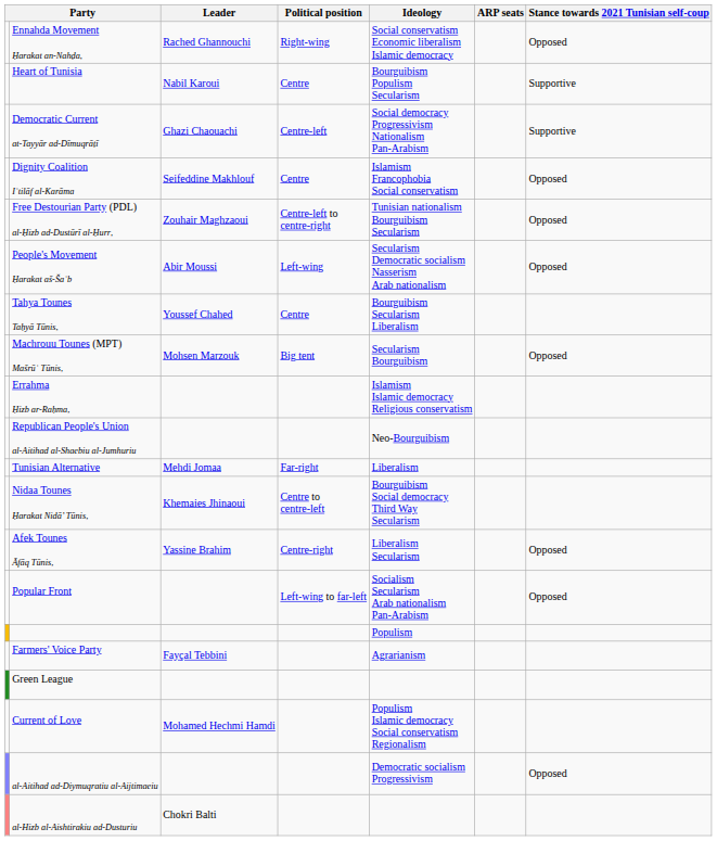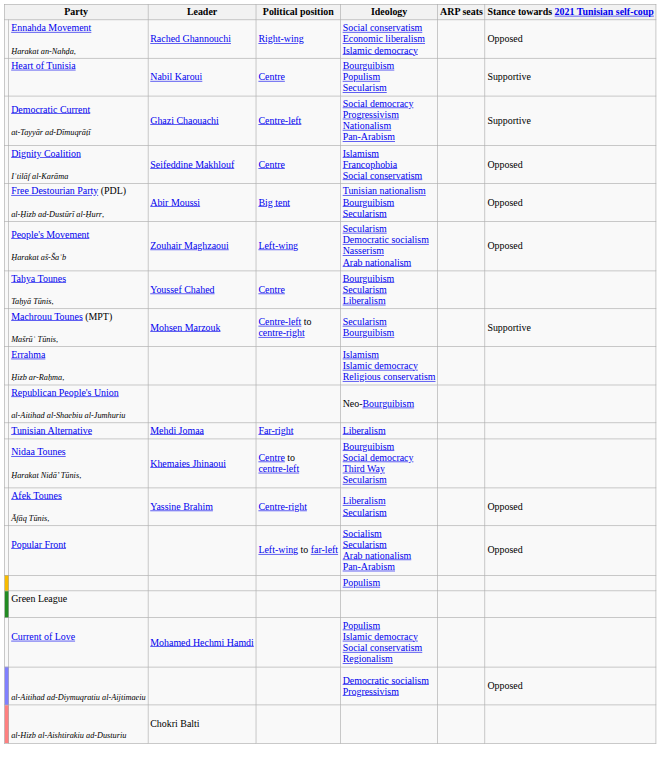 <table class="wikitable">
 <tr>
 <th colspan="2">Party</th>
 <th>Leader</th>
 <th>Political position</th>
 <th>Ideology</th>
 <th>ARP seats</th>
 <th>Stance towards <a href='#'>2021 Tunisian self-coup</a></th>
 </tr>
 <tr>
 <td bgcolor=></td>
 <td><a href='#'>Ennahda Movement</a><small><br><br><em>Ḥarakat an-Nahḍa</em>, <br></small></td>
 <td><a href='#'>Rached Ghannouchi</a></td>
 <td><a href='#'>Right-wing</a></td>
 <td><a href='#'>Social conservatism</a><br><a href='#'>Economic liberalism</a><br><a href='#'>Islamic democracy</a></td>
 <td></td>
 <td>Opposed</td>
 </tr>
 <tr>
 <td bgcolor=></td>
 <td><a href='#'>Heart of Tunisia</a><small><br><br><br></small></td>
 <td><a href='#'>Nabil Karoui</a></td>
 <td><a href='#'>Centre</a></td>
 <td><a href='#'>Bourguibism</a><br><a href='#'>Populism</a><br><a href='#'>Secularism</a></td>
 <td></td>
 <td>Supportive</td>
 </tr>
 <tr>
 <td bgcolor=></td>
 <td><a href='#'>Democratic Current</a><small><br><br><em>at-Tayyār ad-Dīmuqrāṭī</em><br></small></td>
 <td><a href='#'>Ghazi Chaouachi</a></td>
 <td><a href='#'>Centre-left</a></td>
 <td><a href='#'>Social democracy</a><br><a href='#'>Progressivism</a><br><a href='#'>Nationalism</a><br><a href='#'>Pan-Arabism</a></td>
 <td></td>
 <td>Supportive</td>
 </tr>
 <tr>
 <td bgcolor=></td>
 <td><a href='#'>Dignity Coalition</a><small><br><br><em>Iʾtilāf al-Karāma</em><br></small></td>
 <td><a href='#'>Seifeddine Makhlouf</a></td>
 <td><a href='#'>Centre</a></td>
 <td><a href='#'>Islamism</a><br><a href='#'>Francophobia</a><br><a href='#'>Social conservatism</a></td>
 <td></td>
 <td>Opposed</td>
 </tr>
 <tr>
 <td bgcolor=></td>
 <td><a href='#'>Free Destourian Party</a> (PDL)<small><br><br><em>al-Ḥizb ad-Dustūrī al-Ḥurr</em>, <br></small></td>
-<td><a href='#'>Zouhair Maghzaoui</a></td>
-<td><a href='#'>Centre-left</a> to<br><a href='#'>centre-right</a></td>
+<td><a href='#'>Abir Moussi</a></td>
+<td><a href='#'>Big tent</a></td>
 <td><a href='#'>Tunisian nationalism</a><br><a href='#'>Bourguibism</a><br><a href='#'>Secularism</a></td>
 <td></td>
 <td>Opposed</td>
 </tr>
 <tr>
 <td bgcolor=></td>
 <td><a href='#'>People's Movement</a><small><br><br><em>Ḥarakat aš-Šaʿb</em><br></small></td>
-<td><a href='#'>Abir Moussi</a></td>
+<td><a href='#'>Zouhair Maghzaoui</a></td>
 <td><a href='#'>Left-wing</a></td>
 <td><a href='#'>Secularism</a><br><a href='#'>Democratic socialism</a><br><a href='#'>Nasserism</a><br><a href='#'>Arab nationalism</a></td>
 <td></td>
 <td>Opposed</td>
 </tr>
 <tr>
 <td bgcolor=></td>
 <td><a href='#'>Tahya Tounes</a><small><br><br><em>Taḥyā Tūnis</em>, <br></small></td>
 <td><a href='#'>Youssef Chahed</a></td>
 <td><a href='#'>Centre</a></td>
 <td><a href='#'>Bourguibism</a><br><a href='#'>Secularism</a><br><a href='#'>Liberalism</a></td>
 <td></td>
 <td></td>
 </tr>
 <tr>
 <td bgcolor=></td>
 <td><a href='#'>Machrouu Tounes</a> (MPT)<small><br><br><em>Mašrūʿ Tūnis</em>, <br></small></td>
 <td><a href='#'>Mohsen Marzouk</a></td>
-<td><a href='#'>Big tent</a></td>
+<td><a href='#'>Centre-left</a> to<br><a href='#'>centre-right</a></td>
 <td><a href='#'>Secularism</a><br><a href='#'>Bourguibism</a></td>
 <td></td>
-<td>Opposed</td>
+<td>Supportive</td>
 </tr>
 <tr>
 <td bgcolor=></td>
 <td><a href='#'>Errahma</a><small><br><br><em>Ḥizb ar-Raḥma</em>, <br></small></td>
 <td></td>
 <td></td>
 <td><a href='#'>Islamism</a><br><a href='#'>Islamic democracy</a><br><a href='#'>Religious conservatism</a></td>
 <td></td>
 <td></td>
 </tr>
 <tr>
 <td></td>
 <td><a href='#'>Republican People's Union</a><small><br><br><em>al-Aitihad al-Shaebiu al-Jumhuriu</em><br></small></td>
 <td></td>
 <td></td>
 <td>Neo-<a href='#'>Bourguibism</a></td>
 <td></td>
 <td></td>
 </tr>
 <tr>
 <td bgcolor=></td>
 <td><a href='#'>Tunisian Alternative</a><small><br></small></td>
 <td><a href='#'>Mehdi Jomaa</a></td>
 <td><a href='#'>Far-right</a></td>
 <td><a href='#'>Liberalism</a></td>
 <td></td>
 <td></td>
 </tr>
 <tr>
 <td bgcolor=></td>
 <td><a href='#'>Nidaa Tounes</a><small><br><br><em>Ḥarakat Nidā’ Tūnis</em>, <br></small></td>
 <td><a href='#'>Khemaies Jhinaoui</a></td>
 <td><a href='#'>Centre</a> to<br><a href='#'>centre-left</a></td>
 <td><a href='#'>Bourguibism</a><br><a href='#'>Social democracy</a><br><a href='#'>Third Way</a><br><a href='#'>Secularism</a></td>
 <td></td>
 <td></td>
 </tr>
 <tr>
 <td bgcolor=></td>
 <td><a href='#'>Afek Tounes</a><small><br><br><em>Āfāq Tūnis</em>, </small></td>
 <td><a href='#'>Yassine Brahim</a></td>
 <td><a href='#'>Centre-right</a></td>
 <td><a href='#'>Liberalism</a><br><a href='#'>Secularism</a></td>
 <td></td>
 <td>Opposed</td>
 </tr>
 <tr>
 <td></td>
 <td><a href='#'>Popular Front</a><small><br><br></small></td>
 <td></td>
 <td><a href='#'>Left-wing</a> to <a href='#'>far-left</a></td>
 <td><a href='#'>Socialism</a><br><a href='#'>Secularism</a><br><a href='#'>Arab nationalism</a><br><a href='#'>Pan-Arabism</a></td>
 <td></td>
 <td>Opposed</td>
 </tr>
 <tr>
 <td bgcolor="#f8bc00"></td>
 <td><small><br></small></td>
 <td></td>
 <td></td>
 <td><a href='#'>Populism</a></td>
 <td></td>
 <td></td>
 </tr>
 <tr>
-<td bgcolor=></td>
-<td><a href='#'>Farmers' Voice Party</a><small><br><br></small></td>
-<td><a href='#'>Fayçal Tebbini</a></td>
-<td></td>
-<td><a href='#'>Agrarianism</a></td>
-<td></td>
-<td></td>
-</tr>
-<tr>
 <td bgcolor="#228b22"></td>
 <td>Green League<small><br><br></small></td>
 <td></td>
 <td></td>
 <td></td>
 <td></td>
 <td></td>
 </tr>
 <tr>
 <td bgcolor=></td>
 <td><a href='#'>Current of Love</a><small><br><br></small></td>
 <td><a href='#'>Mohamed Hechmi Hamdi</a></td>
 <td></td>
 <td><a href='#'>Populism</a><br><a href='#'>Islamic democracy</a><br><a href='#'>Social conservatism</a><br><a href='#'>Regionalism</a></td>
 <td></td>
 <td></td>
 </tr>
 <tr>
 <td bgcolor="#8080ff"></td>
 <td> <small><br><br><em>al-Aitihad ad-Diymuqratiu al-Aijtimaeiu</em><br></small></td>
 <td></td>
 <td></td>
 <td><a href='#'>Democratic socialism</a><br><a href='#'>Progressivism</a></td>
 <td></td>
 <td>Opposed</td>
 </tr>
 <tr>
 <td bgcolor="#ff8080"></td>
 <td><small><br><br><em>al-Hizb al-Aishtirakiu ad-Dusturiu</em><br></small></td>
 <td>Chokri Balti</td>
 <td></td>
 <td></td>
 <td></td>
 <td></td>
 </tr>
 </table>
